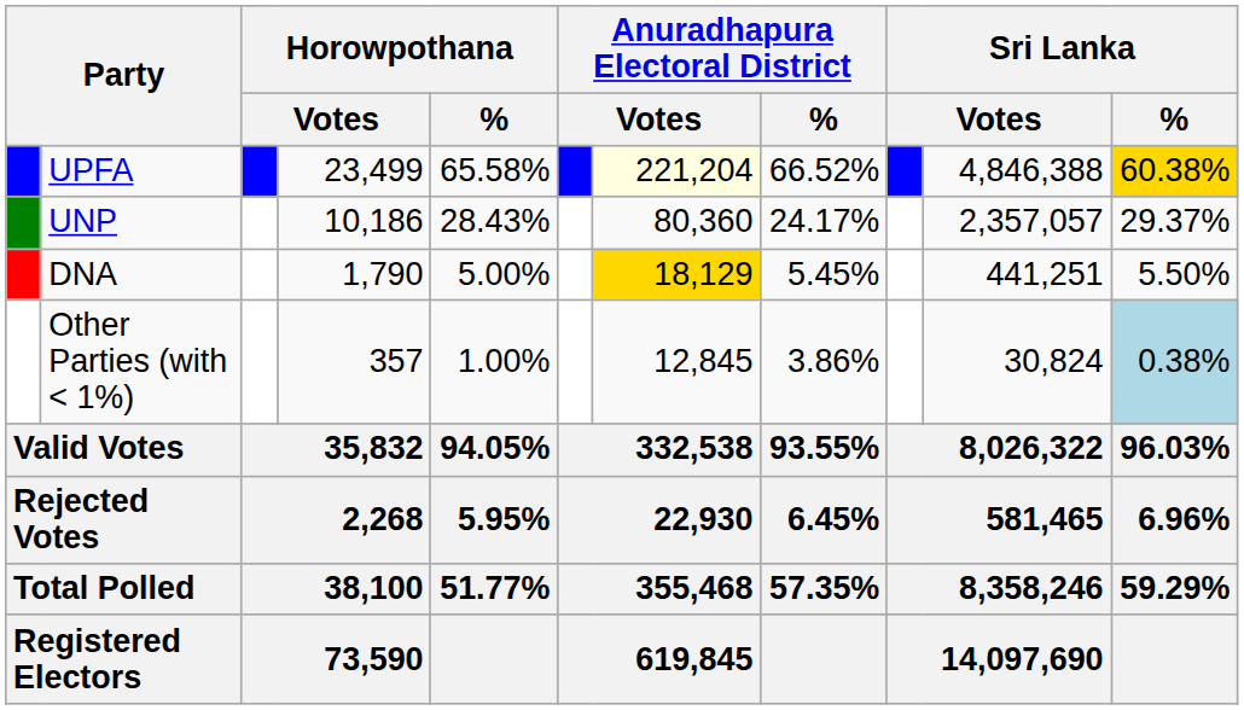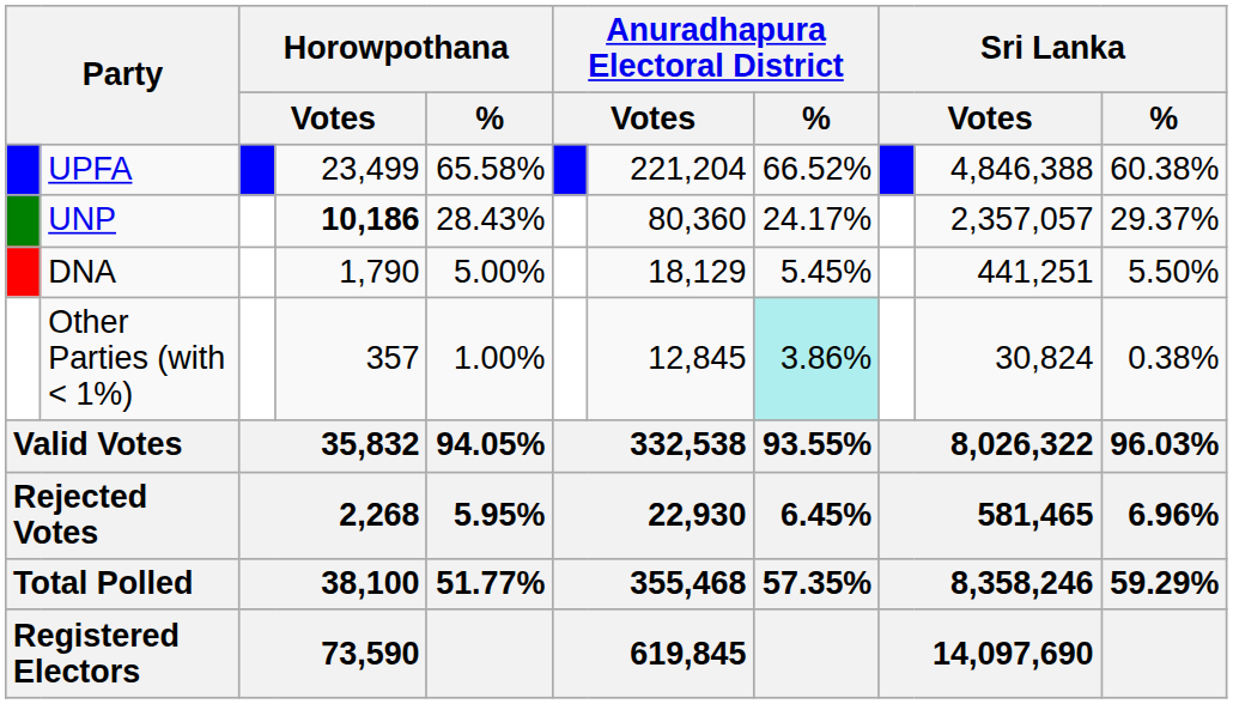 <table class="wikitable">
 <tr>
 <th colspan="2" width="144px"rowspan="2">Party</th>
 <th colspan="3" width="216px">Horowpothana</th>
 <th colspan="3" width="216px"><a href='#'>Anuradhapura Electoral District</a></th>
 <th colspan="3" width="216px">Sri Lanka</th>
 </tr>
 <tr>
 <th colspan="2" width="144px">Votes</th>
 <th>%</th>
 <th colspan="2" width="144px">Votes</th>
 <th>%</th>
 <th colspan="2" width="144px">Votes</th>
 <th>%</th>
 </tr>
 <tr>
 <td style="background-color:blue;" width="10px"></td>
 <td style="text-align:left;"><a href='#'>UPFA</a></td>
 <td style="background-color:blue;" width="10px"></td>
 <td style="text-align:right;">23,499</td>
 <td style="text-align:right;">65.58%</td>
 <td style="background-color:blue;" width="10px"></td>
-<td style="background: lightyellow; text-align:right;">221,204</td>
+<td style="text-align:right;">221,204</td>
 <td style="text-align:right;">66.52%</td>
 <td style="background-color:blue;" width="10px"></td>
 <td style="text-align:right;">4,846,388</td>
-<td style="background: gold; text-align:right;">60.38%</td>
+<td style="text-align:right;">60.38%</td>
 </tr>
 <tr>
 <td style="background-color:green;" width="10px"></td>
 <td style="text-align:left;"><a href='#'>UNP</a></td>
 <td style="background-color:white;" width="10px"></td>
-<td style="text-align:right;">10,186</td>
+<td style="text-align:right;"><strong>10,186</strong></td>
 <td style="text-align:right;">28.43%</td>
 <td style="background-color:white;" width="10px"></td>
 <td style="text-align:right;">80,360</td>
 <td style="text-align:right;">24.17%</td>
 <td style="background-color:white;" width="10px"></td>
 <td style="text-align:right;">2,357,057</td>
 <td style="text-align:right;">29.37%</td>
 </tr>
 <tr>
 <td style="background-color:red;" width="10px"></td>
 <td style="text-align:left;">DNA</td>
 <td style="background-color:white;" width="10px"></td>
 <td style="text-align:right;">1,790</td>
 <td style="text-align:right;">5.00%</td>
 <td style="background-color:white;" width="10px"></td>
-<td style="background: gold; text-align:right;">18,129</td>
+<td style="text-align:right;">18,129</td>
 <td style="text-align:right;">5.45%</td>
 <td style="background-color:white;" width="10px"></td>
 <td style="text-align:right;">441,251</td>
 <td style="text-align:right;">5.50%</td>
 </tr>
 <tr>
 <td style="background-color:white;" width="10px"></td>
 <td style="text-align:left;">Other Parties (with < 1%)</td>
 <td style="background-color:white;" width="10px"></td>
 <td style="text-align:right;">357</td>
 <td style="text-align:right;">1.00%</td>
 <td style="background-color:white;" width="10px"></td>
 <td style="text-align:right;">12,845</td>
-<td style="text-align:right;">3.86%</td>
+<td style="background: paleturquoise; text-align:right;">3.86%</td>
 <td style="background-color:white;" width="10px"></td>
 <td style="text-align:right;">30,824</td>
-<td style="background: lightblue; text-align:right;">0.38%</td>
+<td style="text-align:right;">0.38%</td>
 </tr>
 <tr>
 <th colspan="2" width="144px"style="text-align:left;">Valid Votes</th>
 <th style="text-align:right;"colspan="2" width="144px">35,832</th>
 <th style="text-align:right;">94.05%</th>
 <th style="text-align:right;"colspan="2" width="144px">332,538</th>
 <th style="text-align:right;">93.55%</th>
 <th style="text-align:right;"colspan="2" width="144px">8,026,322</th>
 <th style="text-align:right;">96.03%</th>
 </tr>
 <tr>
 <th colspan="2" width="144px"style="text-align:left;">Rejected Votes</th>
 <th style="text-align:right;"colspan="2" width="144px">2,268</th>
 <th style="text-align:right;">5.95%</th>
 <th style="text-align:right;"colspan="2" width="144px">22,930</th>
 <th style="text-align:right;">6.45%</th>
 <th style="text-align:right;"colspan="2" width="144px">581,465</th>
 <th style="text-align:right;">6.96%</th>
 </tr>
 <tr>
 <th colspan="2" width="144px"style="text-align:left;">Total Polled</th>
 <th style="text-align:right;"colspan="2" width="144px">38,100</th>
 <th style="text-align:right;">51.77%</th>
 <th style="text-align:right;"colspan="2" width="144px">355,468</th>
 <th style="text-align:right;">57.35%</th>
 <th style="text-align:right;"colspan="2" width="144px">8,358,246</th>
 <th style="text-align:right;">59.29%</th>
 </tr>
 <tr>
 <th colspan="2" width="144px"style="text-align:left;">Registered Electors</th>
 <th style="text-align:right;"colspan="2" width="144px">73,590</th>
 <th></th>
 <th style="text-align:right;"colspan="2" width="144px">619,845</th>
 <th></th>
 <th style="text-align:right;"colspan="2" width="144px">14,097,690</th>
 <th></th>
 </tr>
 </table>
